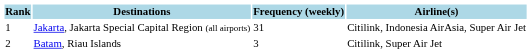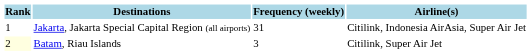 <table class="sortable" style="font-size:89%; align=center;">
 <tr style="background:lightblue;">
 <th>Rank</th>
 <th>Destinations</th>
 <th>Frequency (weekly)</th>
 <th>Airline(s)</th>
 </tr>
 <tr>
 <td>1</td>
 <td> <a href='#'>Jakarta</a>, Jakarta Special Capital Region <small>(all airports)</small></td>
 <td>31</td>
 <td>Citilink, Indonesia AirAsia, Super Air Jet</td>
 </tr>
 <tr>
-<td>2</td>
+<td style="background: lightyellow;">2</td>
 <td> <a href='#'>Batam</a>, Riau Islands</td>
 <td>3</td>
 <td>Citilink, Super Air Jet</td>
 </tr>
 <tr>
 </tr>
 </table>
